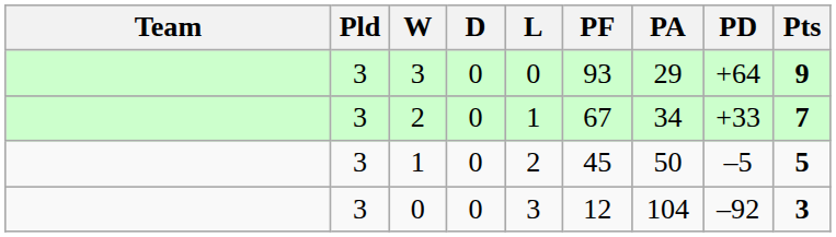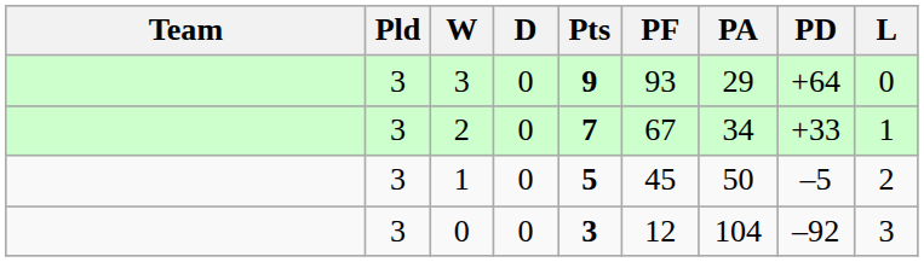 <table class="wikitable" style="text-align:center;">
 <tr>
 <th width=175>Team</th>
 <th width=25 abbr="Played">Pld</th>
 <th width=25 abbr="Won">W</th>
 <th width=25 abbr="Drawn">D</th>
-<th width=25 abbr="Lost">L</th>
+<th width=25 abbr="Points">Pts</th>
 <th width=32 abbr="Points for">PF</th>
 <th width=32 abbr="Points against">PA</th>
 <th width=32 abbr="Points difference">PD</th>
-<th width=25 abbr="Points">Pts</th>
+<th width=25 abbr="Lost">L</th>
 </tr>
 <tr bgcolor=ccffcc>
 <td align=left></td>
 <td>3</td>
 <td>3</td>
 <td>0</td>
-<td>0</td>
+<td><strong>9</strong></td>
 <td>93</td>
 <td>29</td>
 <td>+64</td>
-<td><strong>9</strong></td>
+<td>0</td>
 </tr>
 <tr bgcolor=ccffcc>
 <td align=left></td>
 <td>3</td>
 <td>2</td>
 <td>0</td>
-<td>1</td>
+<td><strong>7</strong></td>
 <td>67</td>
 <td>34</td>
 <td>+33</td>
-<td><strong>7</strong></td>
+<td>1</td>
 </tr>
 <tr>
 <td align=left></td>
 <td>3</td>
 <td>1</td>
 <td>0</td>
-<td>2</td>
+<td><strong>5</strong></td>
 <td>45</td>
 <td>50</td>
 <td>–5</td>
-<td><strong>5</strong></td>
+<td>2</td>
 </tr>
 <tr>
 <td align=left></td>
 <td>3</td>
 <td>0</td>
 <td>0</td>
-<td>3</td>
+<td><strong>3</strong></td>
 <td>12</td>
 <td>104</td>
 <td>–92</td>
-<td><strong>3</strong></td>
+<td>3</td>
 </tr>
 </table>
